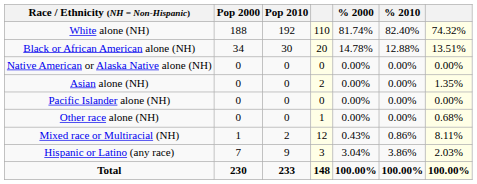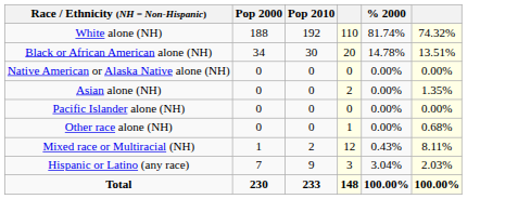 <table class="wikitable" style="text-align:center;">
 <tr>
 <th>Race / Ethnicity <small>(<em>NH = Non-Hispanic</em>)</small></th>
 <th>Pop 2000</th>
 <th>Pop 2010</th>
 <th></th>
 <th>% 2000</th>
-<th>% 2010</th>
 <th></th>
 </tr>
 <tr>
 <td><a href='#'>White</a> alone (NH)</td>
 <td>188</td>
 <td>192</td>
 <td style='background: #ffffe6;'>110</td>
 <td>81.74%</td>
-<td>82.40%</td>
 <td style='background: #ffffe6;'>74.32%</td>
 </tr>
 <tr>
 <td><a href='#'>Black or African American</a> alone (NH)</td>
 <td>34</td>
 <td>30</td>
 <td style='background: #ffffe6;'>20</td>
 <td>14.78%</td>
-<td>12.88%</td>
 <td style='background: #ffffe6;'>13.51%</td>
 </tr>
 <tr>
 <td><a href='#'>Native American</a> or <a href='#'>Alaska Native</a> alone (NH)</td>
 <td>0</td>
 <td>0</td>
 <td style='background: #ffffe6;'>0</td>
-<td>0.00%</td>
 <td>0.00%</td>
 <td style='background: #ffffe6;'>0.00%</td>
 </tr>
 <tr>
 <td><a href='#'>Asian</a> alone (NH)</td>
 <td>0</td>
 <td>0</td>
 <td style='background: #ffffe6;'>2</td>
 <td>0.00%</td>
-<td>0.00%</td>
 <td style='background: #ffffe6;'>1.35%</td>
 </tr>
 <tr>
 <td><a href='#'>Pacific Islander</a> alone (NH)</td>
 <td>0</td>
 <td>0</td>
 <td style='background: #ffffe6;'>0</td>
-<td>0.00%</td>
 <td>0.00%</td>
 <td style='background: #ffffe6;'>0.00%</td>
 </tr>
 <tr>
 <td><a href='#'>Other race</a> alone (NH)</td>
 <td>0</td>
 <td>0</td>
 <td style='background: #ffffe6;'>1</td>
 <td>0.00%</td>
-<td>0.00%</td>
 <td style='background: #ffffe6;'>0.68%</td>
 </tr>
 <tr>
 <td><a href='#'>Mixed race or Multiracial</a> (NH)</td>
 <td>1</td>
 <td>2</td>
 <td style='background: #ffffe6;'>12</td>
 <td>0.43%</td>
-<td>0.86%</td>
 <td style='background: #ffffe6;'>8.11%</td>
 </tr>
 <tr>
 <td><a href='#'>Hispanic or Latino</a> (any race)</td>
 <td>7</td>
 <td>9</td>
 <td style='background: #ffffe6;'>3</td>
 <td>3.04%</td>
-<td>3.86%</td>
 <td style='background: #ffffe6;'>2.03%</td>
 </tr>
 <tr>
 <td><strong>Total</strong></td>
 <td><strong>230</strong></td>
 <td><strong>233</strong></td>
 <td style='background: #ffffe6;'><strong>148</strong></td>
 <td><strong>100.00%</strong></td>
-<td><strong>100.00%</strong></td>
 <td style='background: #ffffe6;'><strong>100.00%</strong></td>
 </tr>
 </table>
